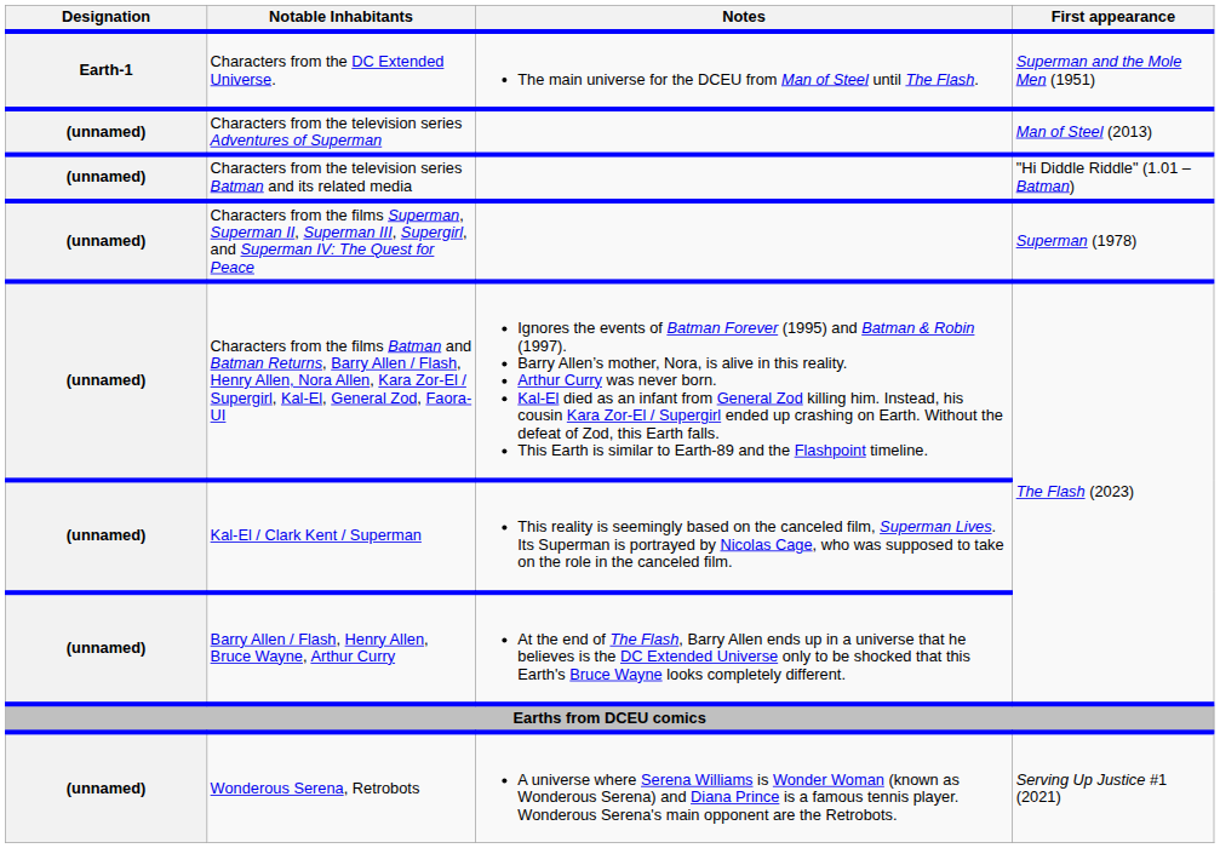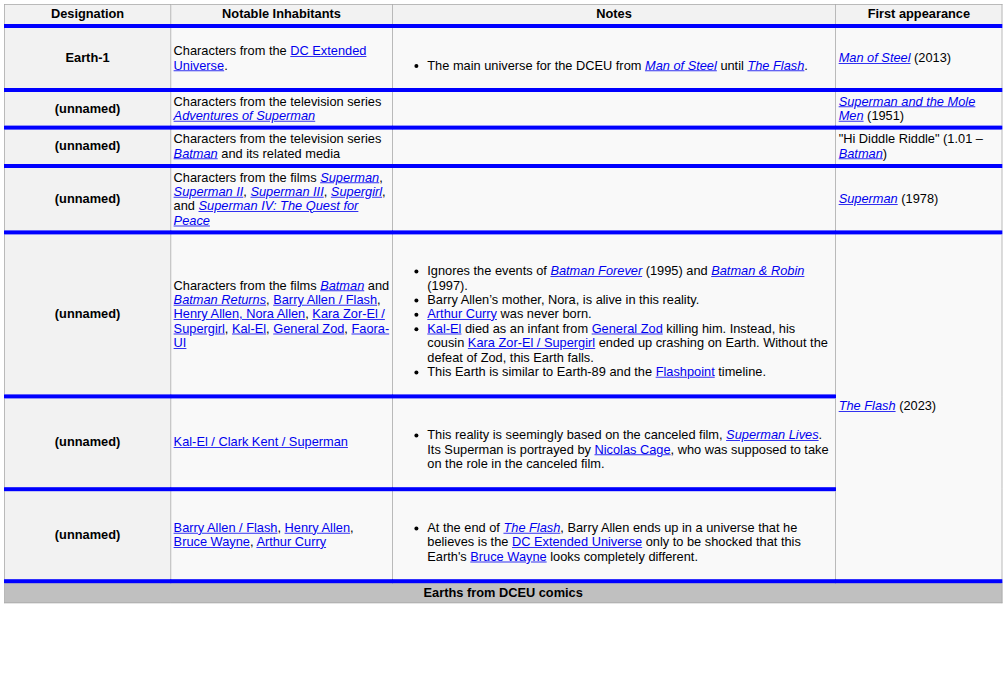 <table class="wikitable">
 <tr>
 <th scope="col" style="width:15%;">Designation</th>
 <th scope="col" style="width:20%;">Notable Inhabitants</th>
 <th scope="col" style="width:40%;">Notes</th>
 <th scope="col" style="width:15%;">First appearance</th>
 </tr>
 <tr style="border-top: solid thick blue">
 <th scope="row">Earth-1</th>
 <td>Characters from the <a href='#'>DC Extended Universe</a>.</td>
 <td><br><ul><li>The main universe for the DCEU from <em><a href='#'>Man of Steel</a></em> until <em><a href='#'>The Flash</a></em>.</li></ul></td>
-<td><em><a href='#'>Superman and the Mole Men</a></em> (1951)</td>
+<td><em><a href='#'>Man of Steel</a></em> (2013)</td>
 </tr>
 <tr style="border-top: solid thick blue">
 <th>(unnamed)</th>
 <td>Characters from the television series <em><a href='#'>Adventures of Superman</a></em></td>
 <td></td>
-<td><em><a href='#'>Man of Steel</a></em> (2013)</td>
+<td><em><a href='#'>Superman and the Mole Men</a></em> (1951)</td>
 </tr>
 <tr style="border-top: solid thick blue">
 <th>(unnamed)</th>
 <td>Characters from the television series <em><a href='#'>Batman</a></em> and its related media</td>
 <td></td>
 <td>"Hi Diddle Riddle" (1.01 – <em><a href='#'>Batman</a></em>)</td>
 </tr>
 <tr style="border-top: solid thick blue">
 <th>(unnamed)</th>
 <td>Characters from the films <em><a href='#'>Superman</a></em>, <em><a href='#'>Superman II</a></em>, <em><a href='#'>Superman III</a></em>, <em><a href='#'>Supergirl</a></em>, and <em><a href='#'>Superman IV: The Quest for Peace</a></em></td>
 <td></td>
 <td><em><a href='#'>Superman</a></em> (1978)</td>
 </tr>
 <tr style="border-top: solid thick blue">
 <th>(unnamed)</th>
 <td>Characters from the films <em><a href='#'>Batman</a></em> and <em><a href='#'>Batman Returns</a></em>, <a href='#'>Barry Allen / Flash</a>, <a href='#'>Henry Allen, Nora Allen</a>, <a href='#'>Kara Zor-El / Supergirl</a>, <a href='#'>Kal-El</a>, <a href='#'>General Zod</a>, <a href='#'>Faora-UI</a></td>
 <td><br><ul><li>Ignores the events of <em><a href='#'>Batman Forever</a></em> (1995) and <em><a href='#'>Batman & Robin</a></em> (1997).</li><li>Barry Allen’s mother, Nora, is alive in this reality.</li><li><a href='#'>Arthur Curry</a> was never born.</li><li><a href='#'>Kal-El</a> died as an infant from <a href='#'>General Zod</a> killing him. Instead, his cousin <a href='#'>Kara Zor-El / Supergirl</a> ended up crashing on Earth. Without the defeat of Zod, this Earth falls.</li><li>This Earth is similar to Earth-89 and the <a href='#'>Flashpoint</a> timeline.</li></ul></td>
 <td rowspan=3><em><a href='#'>The Flash</a></em> (2023)</td>
 </tr>
 <tr style="border-top: solid thick blue">
 <th scope="row">(unnamed)</th>
 <td><a href='#'>Kal-El / Clark Kent / Superman</a><em></em></td>
 <td><br><ul><li>This reality is seemingly based on the canceled film, <em><a href='#'>Superman Lives</a></em>. Its Superman is portrayed by <a href='#'>Nicolas Cage</a>, who was supposed to take on the role in the canceled film.</li></ul></td>
 </tr>
 <tr style="border-top: solid thick blue">
 <th>(unnamed)</th>
 <td><a href='#'>Barry Allen / Flash</a>, <a href='#'>Henry Allen</a>, <a href='#'>Bruce Wayne</a>, <a href='#'>Arthur Curry</a><em></em></td>
 <td><br><ul><li>At the end of <em><a href='#'>The Flash</a></em>, Barry Allen ends up in a universe that he believes is the <a href='#'>DC Extended Universe</a> only to be shocked that this Earth's <a href='#'>Bruce Wayne</a> looks completely different.</li></ul></td>
 </tr>
 <tr style="border-top: solid thick blue">
 <td colspan="4" style="text-align:center; background:#C0C0C0"><strong>Earths from DCEU comics</strong></td>
 </tr>
-<tr style="border-top: solid thick blue".>
-<th>(unnamed)</th>
-<td><a href='#'>Wonderous Serena</a>, Retrobots</td>
-<td><br><ul><li>A universe where <a href='#'>Serena Williams</a> is <a href='#'>Wonder Woman</a> (known as Wonderous Serena) and <a href='#'>Diana Prince</a> is a famous tennis player. Wonderous Serena's main opponent are the Retrobots.</li></ul></td>
-<td><em>Serving Up Justice</em> #1 (2021)</td>
-</tr>
 </table>
